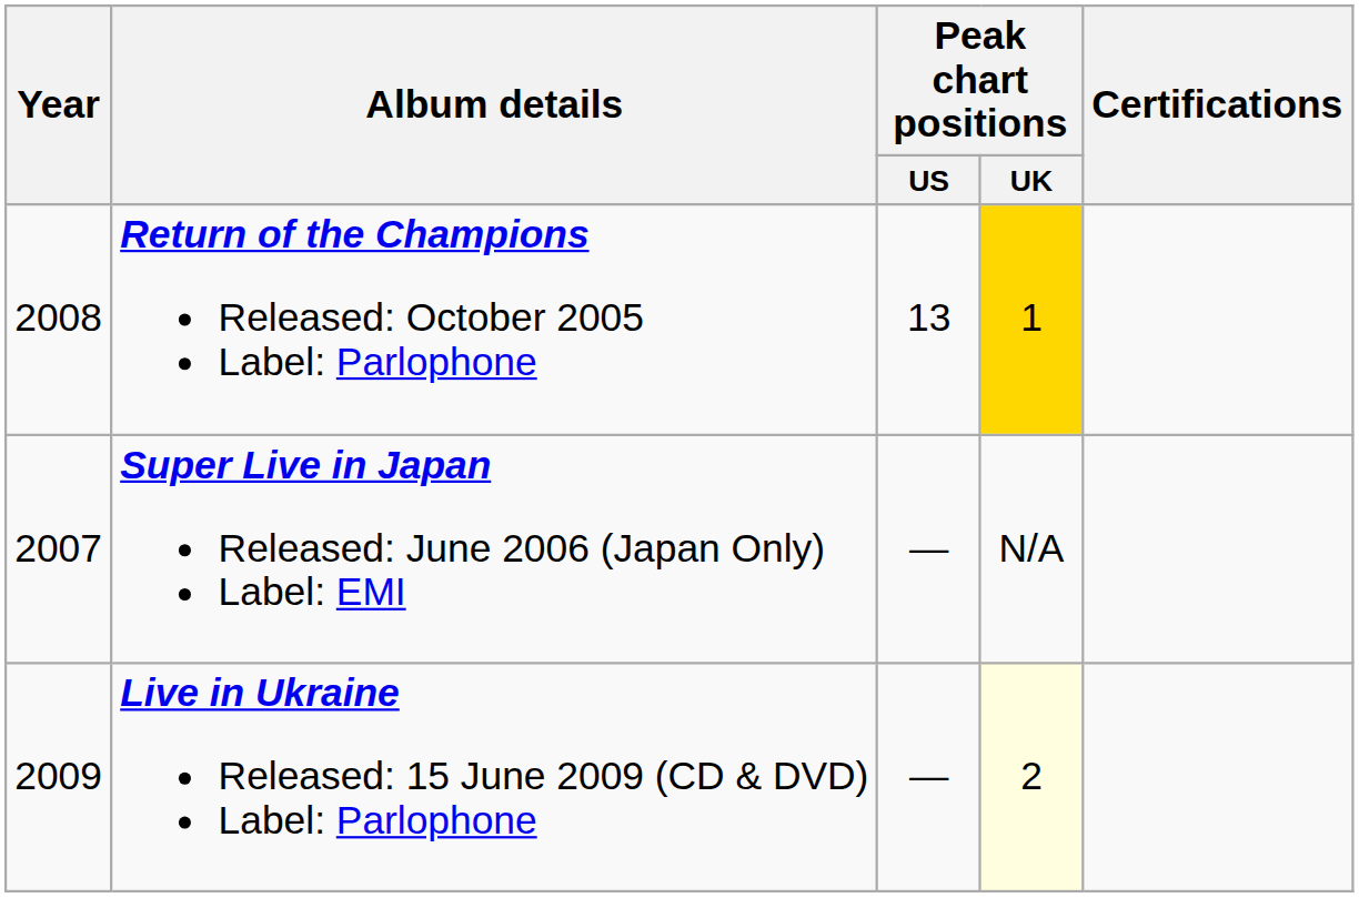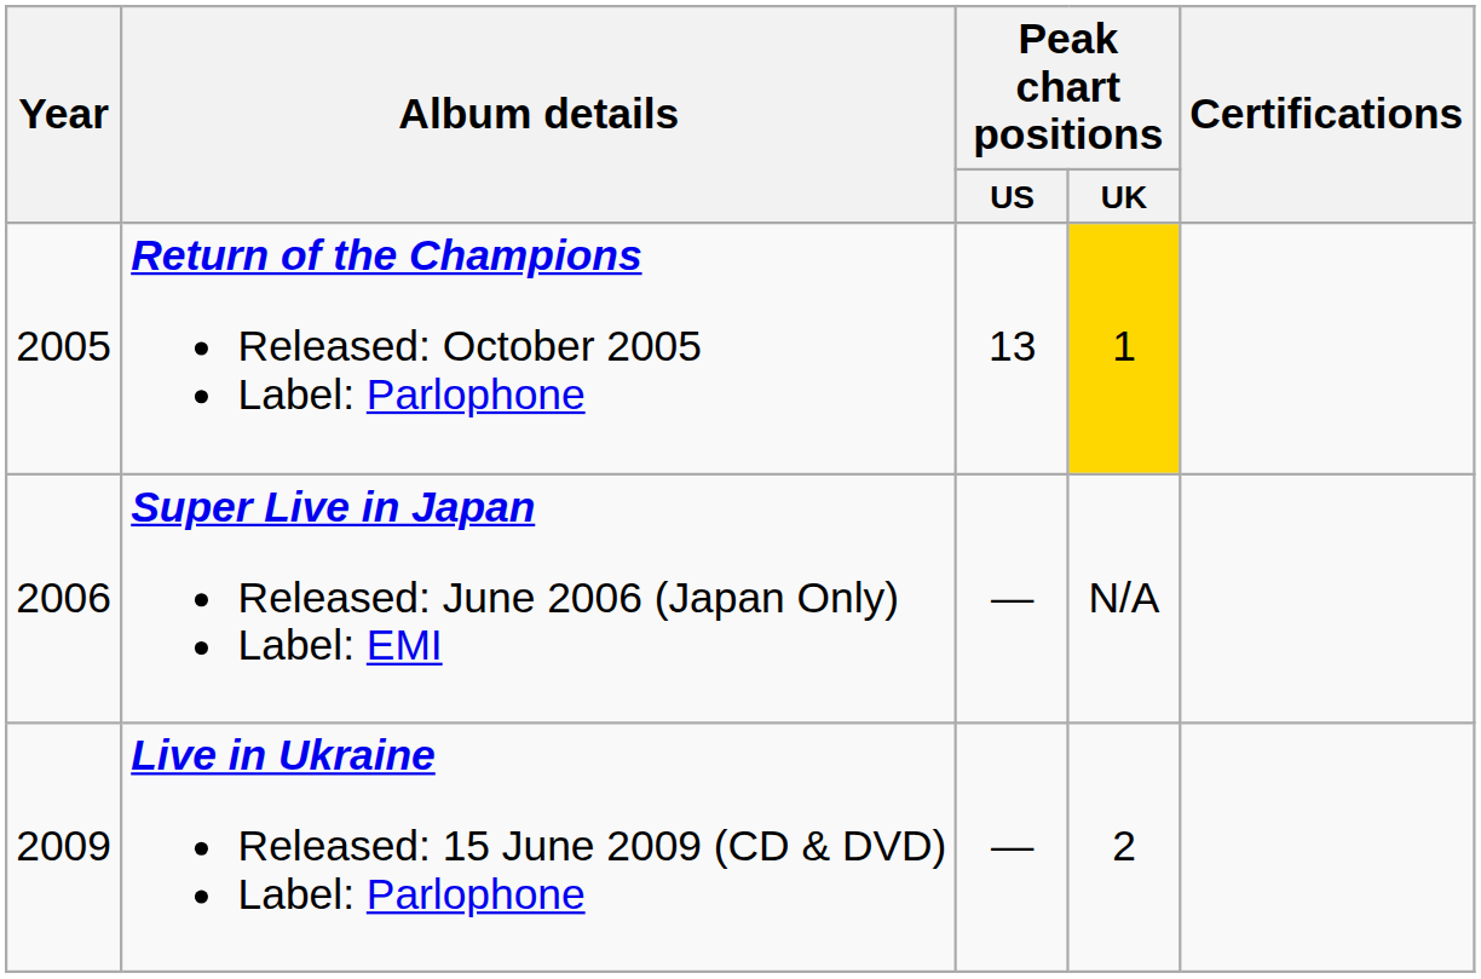 <table class="wikitable" style="text-align:center;">
 <tr>
 <th rowspan="2">Year</th>
 <th rowspan="2">Album details</th>
 <th colspan="2">Peak chart positions</th>
 <th rowspan="2">Certifications</th>
 </tr>
 <tr>
 <th style="width:3em;font-size:75%;">US<br></th>
 <th style="width:3em;font-size:75%;">UK<br></th>
 </tr>
 <tr>
-<td>2008</td>
+<td>2005</td>
 <td align="left"><strong><em><a href='#'>Return of the Champions</a></em></strong><br><ul><li>Released: October 2005</li><li>Label: <a href='#'>Parlophone</a></li></ul></td>
 <td>13</td>
 <td style="background: gold;">1</td>
 <td></td>
 </tr>
 <tr>
-<td>2007</td>
+<td>2006</td>
 <td align="left"><strong><em><a href='#'>Super Live in Japan</a></em></strong><br><ul><li>Released: June 2006 (Japan Only)</li><li>Label: <a href='#'>EMI</a></li></ul></td>
 <td>—</td>
 <td>N/A</td>
 <td></td>
 </tr>
 <tr>
 <td>2009</td>
 <td align="left"><strong><em><a href='#'>Live in Ukraine</a></em></strong><br><ul><li>Released: 15 June 2009 (CD & DVD)</li><li>Label: <a href='#'>Parlophone</a></li></ul></td>
 <td>—</td>
-<td style="background: lightyellow;">2</td>
+<td>2</td>
 <td></td>
 </tr>
 </table>
